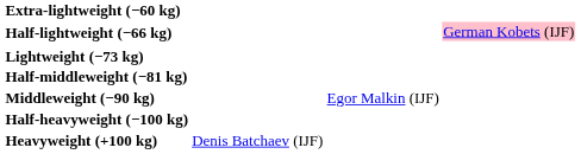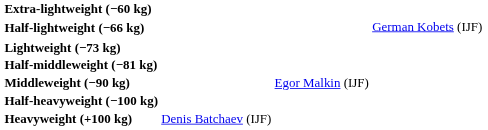 <table>
 <tr>
 <th rowspan=2 style="text-align:left;">Extra-lightweight (−60 kg)</th>
 <td rowspan=2></td>
 <td rowspan=2></td>
 <td></td>
 </tr>
 <tr>
 <td></td>
 </tr>
 <tr>
 <th rowspan=2 style="text-align:left;">Half-lightweight (−66 kg)</th>
 <td rowspan=2></td>
 <td rowspan=2></td>
-<td style="background: pink;"> <a href='#'>German Kobets</a> <span>(<abbr>IJF</abbr>)</span></td>
+<td> <a href='#'>German Kobets</a> <span>(<abbr>IJF</abbr>)</span></td>
 </tr>
 <tr>
 <td></td>
 </tr>
 <tr>
 <th rowspan=2 style="text-align:left;">Lightweight (−73 kg)</th>
 <td rowspan=2></td>
 <td rowspan=2></td>
 <td></td>
 </tr>
 <tr>
 <td></td>
 </tr>
 <tr>
 <th rowspan=2 style="text-align:left;">Half-middleweight (−81 kg)</th>
 <td rowspan=2></td>
 <td rowspan=2></td>
 <td></td>
 </tr>
 <tr>
 <td></td>
 </tr>
 <tr>
 <th rowspan=2 style="text-align:left;">Middleweight (−90 kg)</th>
 <td rowspan=2></td>
 <td rowspan=2> <a href='#'>Egor Malkin</a> <span>(<abbr>IJF</abbr>)</span></td>
 <td></td>
 </tr>
 <tr>
 <td></td>
 </tr>
 <tr>
 <th rowspan=2 style="text-align:left;">Half-heavyweight (−100 kg)</th>
 <td rowspan=2></td>
 <td rowspan=2></td>
 <td></td>
 </tr>
 <tr>
 <td></td>
 </tr>
 <tr>
 <th rowspan=2 style="text-align:left;">Heavyweight (+100 kg)</th>
 <td rowspan=2> <a href='#'>Denis Batchaev</a> <span>(<abbr>IJF</abbr>)</span></td>
 <td rowspan=2></td>
 <td></td>
 </tr>
 <tr>
 <td></td>
 </tr>
 </table>
